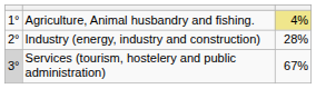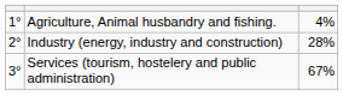 <table class="wikitable" width="400px">
 <tr bgcolor=silver>
 <th></th>
 <th></th>
 <th width="40px"></th>
 </tr>
 <tr>
 <td align="center">1°</td>
 <td>Agriculture, Animal husbandry and fishing.</td>
-<td align="right" style="background: khaki;">4%</td>
+<td align="right">4%</td>
 </tr>
 <tr>
 <td align="center">2°</td>
 <td>Industry (energy, industry and construction)</td>
 <td align="right">28%</td>
 </tr>
 <tr>
-<td align="center" style="background: lightgrey;">3°</td>
+<td align="center">3°</td>
 <td>Services (tourism, hostelery and public administration)</td>
 <td align="right">67%</td>
 </tr>
 </table>
